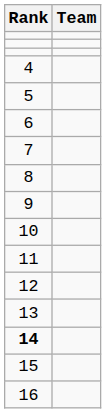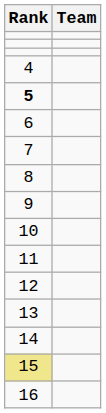 <table class="wikitable">
 <tr>
 <th>Rank</th>
 <th>Team</th>
 </tr>
 <tr -bgcolor=#ccffcc>
 <td align=center></td>
 <td></td>
 </tr>
 <tr -bgcolor=#ccffcc>
 <td align=center></td>
 <td></td>
 </tr>
 <tr -bgcolor=#bbf3ff>
 <td align=center></td>
 <td></td>
 </tr>
 <tr -bgcolor=#ccffcc>
 <td align=center>4</td>
 <td></td>
 </tr>
 <tr>
-<td align=center>5</td>
+<td align=center><strong>5</strong></td>
 <td></td>
 </tr>
 <tr>
 <td align=center>6</td>
 <td></td>
 </tr>
 <tr>
 <td align=center>7</td>
 <td></td>
 </tr>
 <tr>
 <td align=center>8</td>
 <td></td>
 </tr>
 <tr>
 <td align=center>9</td>
 <td></td>
 </tr>
 <tr>
 <td align=center>10</td>
 <td></td>
 </tr>
 <tr>
 <td align=center>11</td>
 <td></td>
 </tr>
 <tr>
 <td align=center>12</td>
 <td></td>
 </tr>
 <tr>
 <td align=center>13</td>
 <td></td>
 </tr>
 <tr>
-<td align=center><strong>14</strong></td>
+<td align=center>14</td>
 <td></td>
 </tr>
 <tr>
-<td align=center>15</td>
+<td align=center style="background: khaki;">15</td>
 <td></td>
 </tr>
 <tr>
 <td align=center>16</td>
 <td></td>
 </tr>
 </table>
